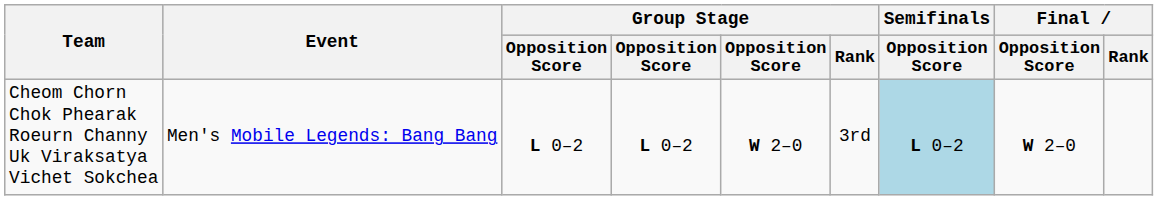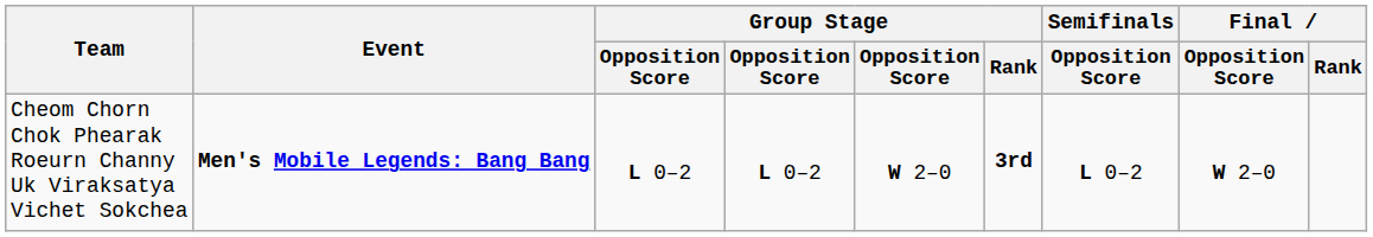 <table class="wikitable" style="font-size:90%">
 <tr>
 <th rowspan=2>Team</th>
 <th rowspan=2>Event</th>
 <th colspan=4>Group Stage</th>
 <th>Semifinals</th>
 <th colspan=2>Final / </th>
 </tr>
 <tr style="font-size:95%">
 <th>Opposition<br>Score</th>
 <th>Opposition<br>Score</th>
 <th>Opposition<br>Score</th>
 <th>Rank</th>
 <th>Opposition<br>Score</th>
 <th>Opposition<br>Score</th>
 <th>Rank</th>
 </tr>
 <tr style="text-align:center">
 <td style="text-align:left">Cheom Chorn<br>Chok Phearak<br>Roeurn Channy<br>Uk Viraksatya<br>Vichet Sokchea</td>
-<td style="text-align:left">Men's <a href='#'>Mobile Legends: Bang Bang</a></td>
+<td style="text-align:left"><strong>Men's <a href='#'>Mobile Legends: Bang Bang</a></strong></td>
 <td><br><strong>L</strong> 0–2</td>
 <td><br><strong>L</strong> 0–2</td>
 <td><br><strong>W</strong> 2–0</td>
-<td>3rd</td>
-<td style="background: lightblue;"><br><strong>L</strong> 0–2</td>
+<td><strong>3rd</strong></td>
+<td><br><strong>L</strong> 0–2</td>
 <td><br><strong>W</strong> 2–0</td>
 <td></td>
 </tr>
 </table>
